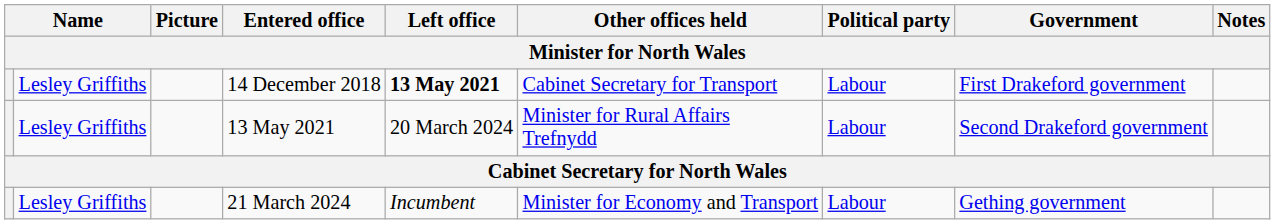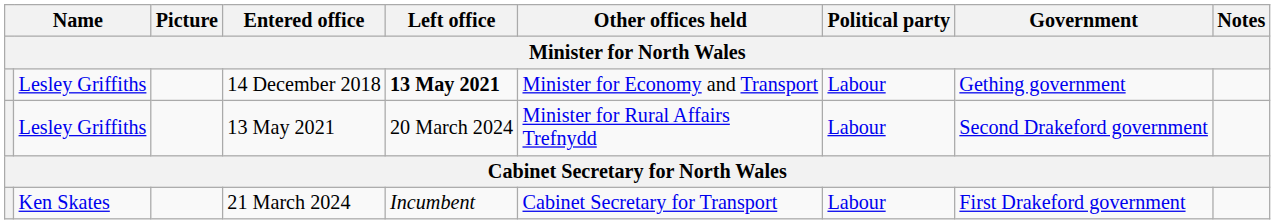 <table class="wikitable">
 <tr>
 <th colspan="2">Name</th>
 <th>Picture</th>
 <th>Entered office</th>
 <th>Left office</th>
 <th>Other offices held</th>
 <th>Political party</th>
 <th>Government</th>
 <th>Notes</th>
 </tr>
 <tr>
 <th colspan="9">Minister for North Wales</th>
 </tr>
 <tr>
 <th style="background-color:"></th>
 <td><a href='#'>Lesley Griffiths</a></td>
 <td></td>
 <td>14 December 2018</td>
 <td><strong>13 May 2021</strong></td>
-<td><a href='#'>Cabinet Secretary for Transport</a></td>
+<td><a href='#'>Minister for Economy</a> and <a href='#'>Transport</a></td>
 <td><a href='#'>Labour</a></td>
-<td><a href='#'>First Drakeford government</a></td>
+<td><a href='#'>Gething government</a></td>
 <td></td>
 </tr>
 <tr>
 <th style="background-color:"></th>
 <td><a href='#'>Lesley Griffiths</a></td>
 <td></td>
 <td>13 May 2021</td>
 <td>20 March 2024</td>
 <td><a href='#'>Minister for Rural Affairs</a><br><a href='#'>Trefnydd</a></td>
 <td><a href='#'>Labour</a></td>
 <td><a href='#'>Second Drakeford government</a></td>
 <td></td>
 </tr>
 <tr>
 <th colspan="9"><strong>Cabinet Secretary for North Wales</strong></th>
 </tr>
 <tr>
 <th style="background-color:"></th>
-<td><a href='#'>Lesley Griffiths</a></td>
+<td><a href='#'>Ken Skates</a></td>
 <td></td>
 <td>21 March 2024</td>
 <td><em>Incumbent</em></td>
-<td><a href='#'>Minister for Economy</a> and <a href='#'>Transport</a></td>
+<td><a href='#'>Cabinet Secretary for Transport</a></td>
 <td><a href='#'>Labour</a></td>
-<td><a href='#'>Gething government</a></td>
+<td><a href='#'>First Drakeford government</a></td>
 <td></td>
 </tr>
 </table>
